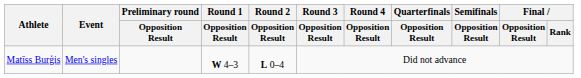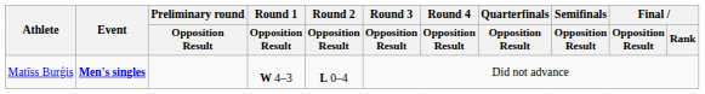 <table class="wikitable" style="font-size:90%">
 <tr>
 <th rowspan="2">Athlete</th>
 <th rowspan="2">Event</th>
 <th>Preliminary round</th>
 <th>Round 1</th>
 <th>Round 2</th>
 <th>Round 3</th>
 <th>Round 4</th>
 <th>Quarterfinals</th>
 <th>Semifinals</th>
 <th colspan=2>Final / </th>
 </tr>
 <tr style="font-size:95%">
 <th>Opposition<br>Result</th>
 <th>Opposition<br>Result</th>
 <th>Opposition<br>Result</th>
 <th>Opposition<br>Result</th>
 <th>Opposition<br>Result</th>
 <th>Opposition<br>Result</th>
 <th>Opposition<br>Result</th>
 <th>Opposition<br>Result</th>
 <th>Rank</th>
 </tr>
 <tr align=center>
 <td align=left><a href='#'>Matīss Burģis</a></td>
-<td align=left><a href='#'>Men's singles</a></td>
+<td align=left><strong><a href='#'>Men's singles</a></strong></td>
 <td></td>
 <td><br><strong>W</strong> 4–3</td>
 <td><br><strong>L</strong> 0–4</td>
 <td colspan=6>Did not advance</td>
 </tr>
 </table>
